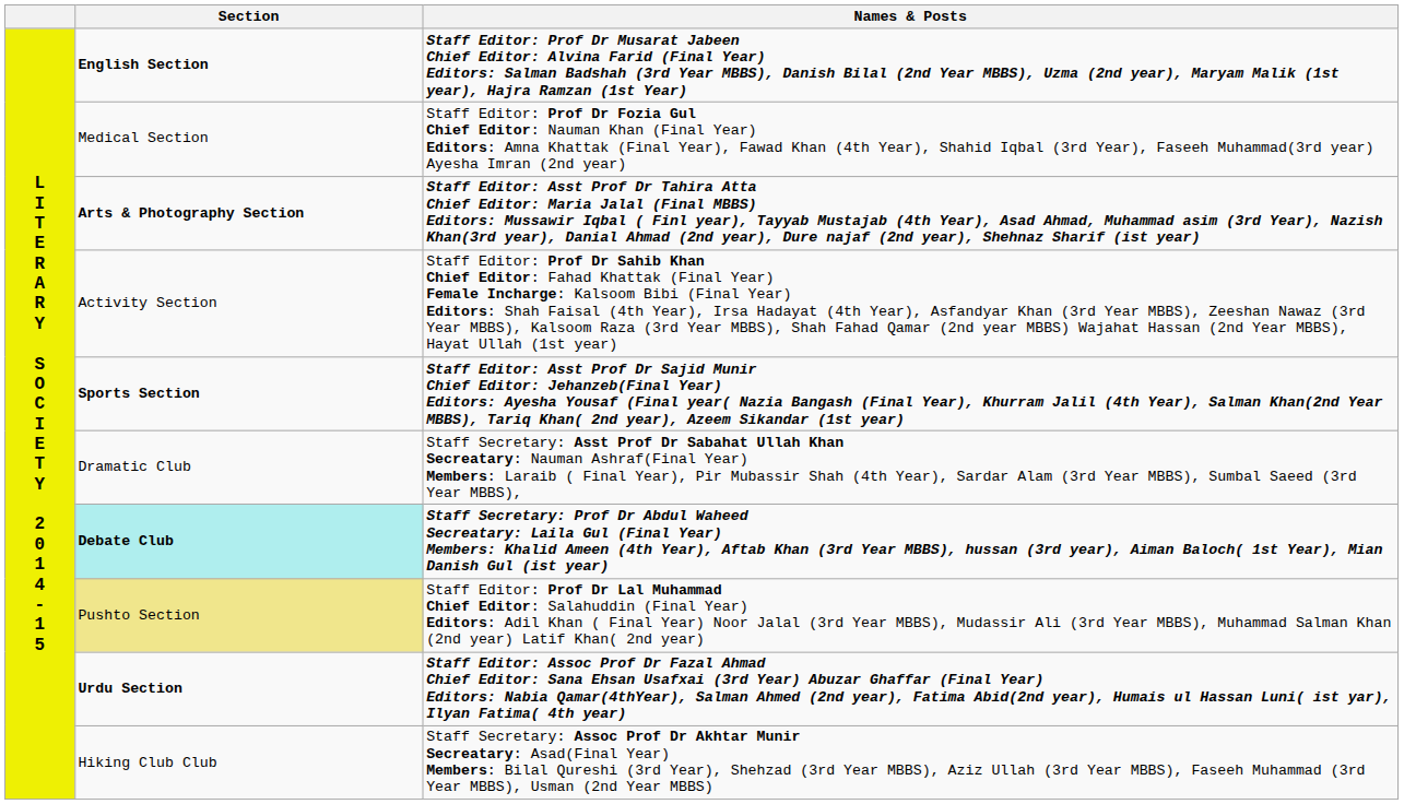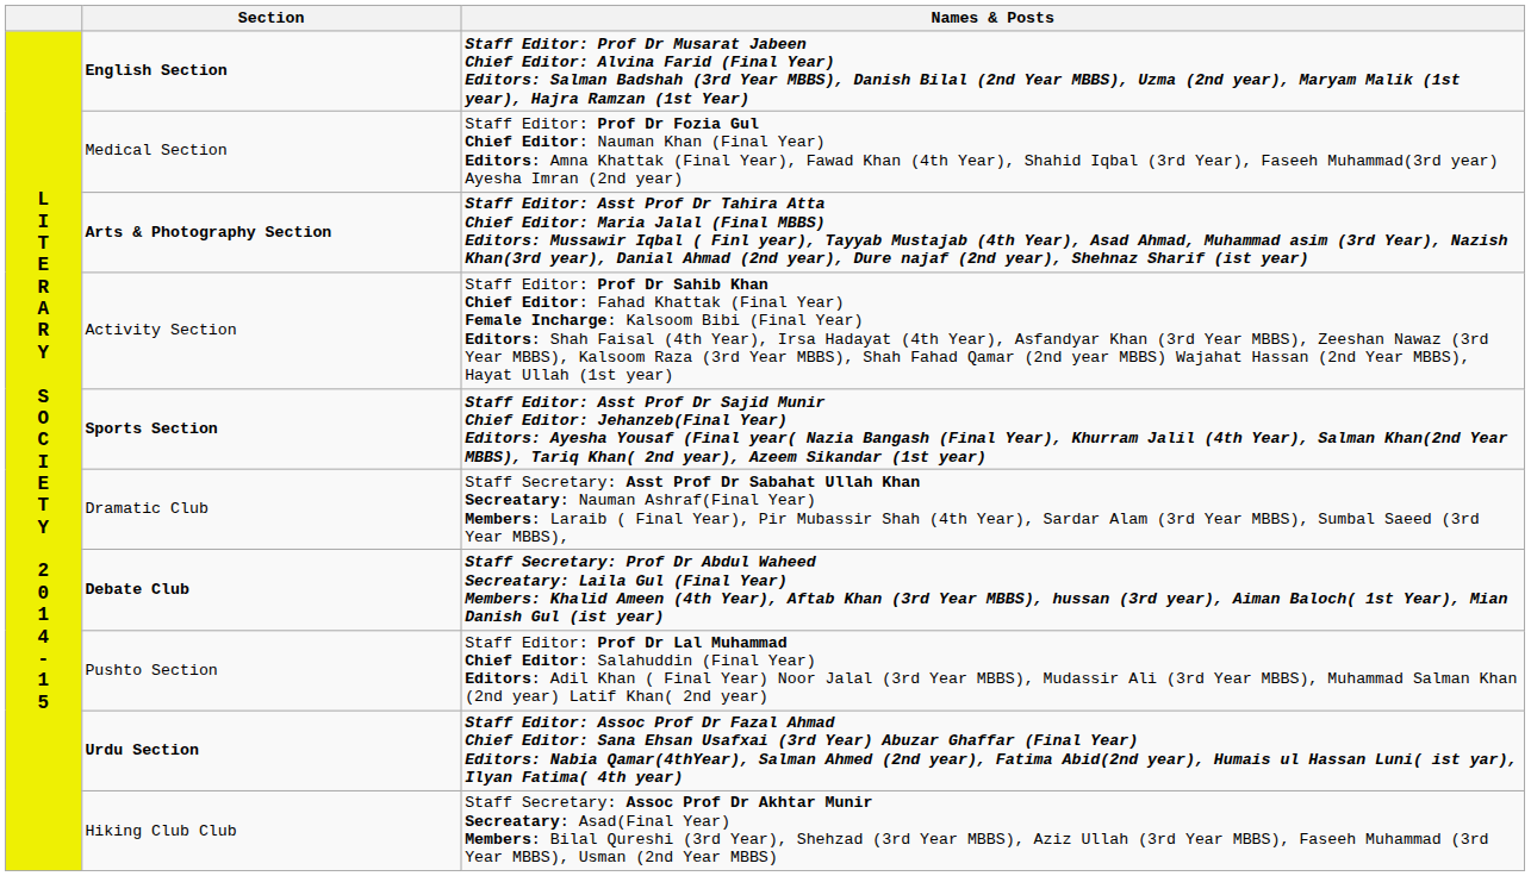 <table class="wikitable">
 <tr style="background:#b0e0e66; text-align:center;">
 <th></th>
 <th style="width:25%;">Section</th>
 <th style="width:70%;">Names & Posts</th>
 </tr>
 <tr>
 <td rowspan=10   style="text-align:center; background:#eef003; textcolor:#000;"><big><strong>L<br>I<br>T<br>E<br>R<br>A<br>R<br>Y<br> <br>S<br>O<br>C<br>I<br>E<br>T<br>Y<br> <br>2<br>0<br>1<br>4<br>-<br>1<br>5</strong></big></td>
 <td><strong>English Section</strong></td>
 <td><strong><em>Staff Editor<strong>: </strong>Prof Dr Musarat Jabeen<strong><br></strong>Chief Editor<strong>: Alvina Farid (Final Year)<br></strong>Editors<strong>: Salman Badshah (3rd Year MBBS), Danish Bilal (2nd Year MBBS), Uzma (2nd year), Maryam Malik (1st year), Hajra Ramzan (1st Year)<em></td>
 </tr>
 <tr>
 <td></strong>Medical Section<strong></td>
 <td></em></strong>Staff Editor</strong>: <strong>Prof Dr Fozia Gul</strong><br><strong>Chief Editor</strong>: Nauman Khan (Final Year)<br><strong>Editors</strong>: Amna Khattak (Final Year), Fawad Khan (4th Year), Shahid Iqbal (3rd Year), Faseeh Muhammad(3rd year) Ayesha Imran (2nd year)</em></td>
 </tr>
 <tr>
 <td><strong>Arts & Photography Section</strong></td>
 <td><strong><em>Staff Editor<strong>: </strong>Asst Prof Dr Tahira Atta<strong><br></strong>Chief Editor<strong>: Maria Jalal (Final MBBS)<br></strong>Editors<strong>: Mussawir Iqbal ( Finl year), Tayyab Mustajab (4th Year), Asad Ahmad, Muhammad asim (3rd Year), Nazish Khan(3rd year), Danial Ahmad (2nd year), Dure najaf (2nd year), Shehnaz Sharif (ist year)<em></td>
 </tr>
 <tr>
 <td></strong>Activity Section<strong></td>
 <td></em></strong>Staff Editor</strong>: <strong>Prof Dr Sahib Khan</strong><br><strong>Chief Editor</strong>: Fahad Khattak (Final Year)<br><strong>Female Incharge</strong>: Kalsoom Bibi (Final Year)<br><strong>Editors</strong>: Shah Faisal (4th Year), Irsa Hadayat (4th Year), Asfandyar Khan (3rd Year MBBS), Zeeshan Nawaz (3rd Year MBBS), Kalsoom Raza (3rd Year MBBS), Shah Fahad Qamar (2nd year MBBS) Wajahat Hassan (2nd Year MBBS), Hayat Ullah (1st year)</em></td>
 </tr>
 <tr>
 <td><strong>Sports Section</strong></td>
 <td><strong><em>Staff Editor<strong>: </strong>Asst Prof Dr Sajid Munir<strong><br></strong>Chief Editor<strong>: Jehanzeb(Final Year)<br></strong>Editors<strong>:  Ayesha Yousaf (Final year( Nazia Bangash (Final Year), Khurram Jalil (4th Year), Salman Khan(2nd Year MBBS), Tariq Khan( 2nd year), Azeem Sikandar (1st year)<em></td>
 </tr>
 <tr>
 <td></strong>Dramatic Club<strong></td>
 <td></em></strong>Staff Secretary</strong>: <strong>Asst Prof Dr Sabahat Ullah Khan</strong> <br><strong>Secreatary</strong>: Nauman Ashraf(Final Year)<br><strong>Members</strong>:  Laraib ( Final Year), Pir Mubassir Shah (4th Year),  Sardar Alam (3rd Year MBBS), Sumbal Saeed (3rd Year MBBS),</em></td>
 </tr>
 <tr>
-<td style="background: paleturquoise;"><strong>Debate Club</strong></td>
+<td><strong>Debate Club</strong></td>
 <td><strong><em>Staff Secretary<strong>: </strong>Prof Dr Abdul Waheed<strong> <br></strong>Secreatary<strong>: Laila Gul (Final Year)<br></strong>Members<strong>: Khalid Ameen (4th Year), Aftab Khan (3rd Year MBBS), hussan (3rd year), Aiman Baloch( 1st Year), Mian Danish Gul (ist year)<em></td>
 </tr>
 <tr>
-<td style="background: khaki;"></strong>Pushto Section<strong></td>
+<td></strong>Pushto Section<strong></td>
 <td></em></strong>Staff Editor</strong>: <strong>Prof Dr Lal Muhammad</strong><br><strong>Chief Editor</strong>: Salahuddin (Final Year)<br><strong>Editors</strong>:  Adil Khan ( Final Year) Noor Jalal (3rd Year MBBS), Mudassir Ali (3rd Year MBBS), Muhammad Salman Khan (2nd year) Latif Khan( 2nd year)</em></td>
 </tr>
 <tr>
 <td><strong>Urdu Section</strong></td>
 <td><strong><em>Staff Editor<strong>: </strong>Assoc Prof Dr Fazal Ahmad<strong><br></strong>Chief Editor<strong>: Sana Ehsan Usafxai (3rd Year) Abuzar Ghaffar (Final Year) <br></strong>Editors<strong>: Nabia Qamar(4thYear), Salman Ahmed  (2nd year), Fatima Abid(2nd year), Humais ul Hassan Luni( ist yar), Ilyan Fatima( 4th year)<em></td>
 </tr>
 <tr>
 <td></strong>Hiking Club Club<strong></td>
 <td></em></strong>Staff Secretary</strong>: <strong>Assoc Prof Dr Akhtar Munir</strong> <br><strong>Secreatary</strong>: Asad(Final Year)<br><strong>Members</strong>: Bilal Qureshi (3rd Year), Shehzad (3rd Year MBBS), Aziz Ullah (3rd Year MBBS), Faseeh Muhammad (3rd Year MBBS), Usman (2nd Year MBBS)</em></td>
 </tr>
 <tr>
 </tr>
 </table>
